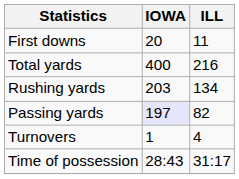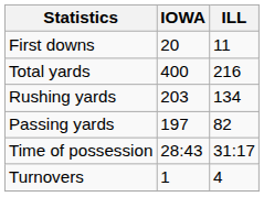 <table class="wikitable">
 <tr>
 <th>Statistics</th>
 <th>IOWA</th>
 <th>ILL</th>
 </tr>
 <tr>
 <td>First downs</td>
 <td>20</td>
 <td>11</td>
 </tr>
 <tr>
 <td>Total yards</td>
 <td>400</td>
 <td>216</td>
 </tr>
 <tr>
 <td>Rushing yards</td>
 <td>203</td>
 <td>134</td>
 </tr>
 <tr>
 <td>Passing yards</td>
-<td style="background: lavender;">197</td>
+<td>197</td>
 <td>82</td>
+</tr>
+<tr>
+<td>Time of possession</td>
+<td>28:43</td>
+<td>31:17</td>
 </tr>
 <tr>
 <td>Turnovers</td>
 <td>1</td>
 <td>4</td>
 </tr>
 <tr>
-<td>Time of possession</td>
-<td>28:43</td>
-<td>31:17</td>
-</tr>
-<tr>
 </tr>
 </table>
